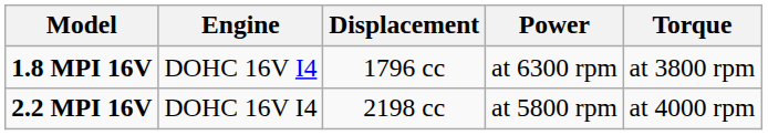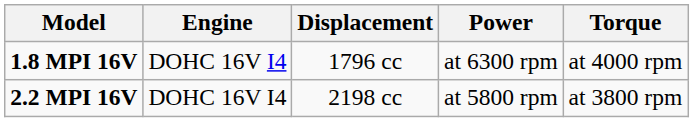 <table class="wikitable" style="text-align:center;">
 <tr style="text-align:center; vertical-align:middle;">
 <th>Model</th>
 <th>Engine</th>
 <th>Displacement</th>
 <th>Power</th>
 <th>Torque</th>
 </tr>
 <tr>
 <td><strong>1.8 MPI 16V</strong></td>
 <td>DOHC 16V <a href='#'>I4</a></td>
 <td>1796 cc</td>
 <td> at 6300 rpm</td>
-<td> at 3800 rpm</td>
+<td> at 4000 rpm</td>
 </tr>
 <tr>
 <td><strong>2.2 MPI 16V</strong></td>
 <td>DOHC 16V I4</td>
 <td>2198 cc</td>
 <td> at 5800 rpm</td>
-<td> at 4000 rpm</td>
+<td> at 3800 rpm</td>
 </tr>
 </table>
